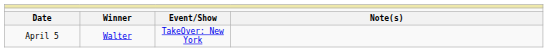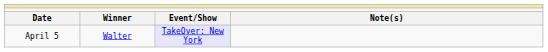 <table class="wikitable" style="text-align:center; width:100%;">
 <tr style="background:#EEE8AA;">
 <td colspan="4"></td>
 </tr>
 <tr>
 <td colspan="4"><strong></strong></td>
 </tr>
 <tr>
 <th width=14%>Date</th>
 <th width=14%>Winner</th>
 <th width=14%>Event/Show</th>
 <th width=58%>Note(s)</th>
 </tr>
 <tr>
 <td>April 5</td>
 <td><a href='#'>Walter</a></td>
-<td><a href='#'>TakeOver: New York</a></td>
+<td style="background: lavender;"><a href='#'>TakeOver: New York</a></td>
 <td></td>
 </tr>
 </table>
